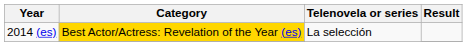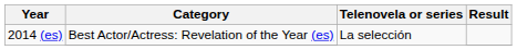 <table class="wikitable">
 <tr>
 <th><strong>Year</strong></th>
 <th><strong>Category</strong></th>
 <th><strong>Telenovela or series</strong></th>
 <th>Result</th>
 </tr>
 <tr>
 <td rowspan=2>2014 <a href='#'>(es)</a></td>
-<td style="background: gold;">Best Actor/Actress: Revelation of the Year <a href='#'>(es)</a></td>
+<td>Best Actor/Actress: Revelation of the Year <a href='#'>(es)</a></td>
 <td rowspan=2>La selección</td>
 <td></td>
 </tr>
 <tr>
 </tr>
 </table>
